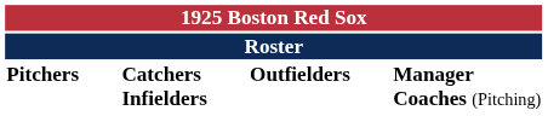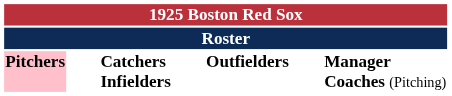 <table class="toccolours" style="text-align: left;">
 <tr>
 <th colspan="10" style="background-color: #ba313c; color: white; text-align: center;">1925 Boston Red Sox</th>
 </tr>
 <tr>
 <td colspan="10" style="background-color: #0d2b56; color: white; text-align: center;"><strong>Roster</strong></td>
 </tr>
 <tr>
-<td valign="top"><strong>Pitchers</strong><br>              </td>
+<td valign="top" style="background: pink;"><strong>Pitchers</strong><br>              </td>
 <td width="25px"></td>
 <td valign="top"><strong>Catchers</strong><br>    <strong>Infielders</strong>             </td>
 <td width="25px"></td>
 <td valign="top"><strong>Outfielders</strong><br>        </td>
 <td width="25px"></td>
 <td valign="top"><strong>Manager</strong><br> <strong>Coaches</strong>   <small>(Pitching)</small></td>
 </tr>
 <tr>
 </tr>
 </table>
